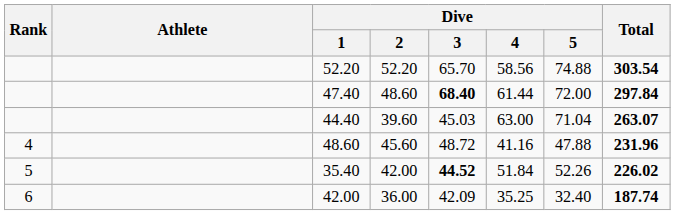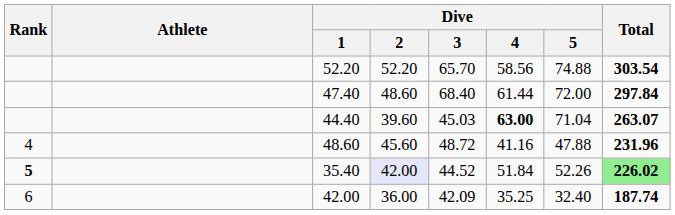 <table class="wikitable" style="text-align:center">
 <tr>
 <th rowspan="2" width="40">Rank</th>
 <th rowspan="2" width="250">Athlete</th>
 <th colspan="5">Dive</th>
 <th rowspan="2" width="60">Total</th>
 </tr>
 <tr>
 <th width="50">1</th>
 <th width="50">2</th>
 <th width="50">3</th>
 <th width="50">4</th>
 <th width="50">5</th>
 </tr>
 <tr>
 <td></td>
 <td align="left"><br></td>
 <td>52.20</td>
 <td>52.20</td>
 <td>65.70</td>
 <td>58.56</td>
 <td>74.88</td>
 <td><strong>303.54</strong></td>
 </tr>
 <tr>
 <td></td>
 <td align="left"><br></td>
 <td>47.40</td>
 <td>48.60</td>
-<td><strong>68.40</strong></td>
+<td>68.40</td>
 <td>61.44</td>
 <td>72.00</td>
 <td><strong>297.84</strong></td>
 </tr>
 <tr>
 <td></td>
 <td align="left"><br></td>
 <td>44.40</td>
 <td>39.60</td>
 <td>45.03</td>
-<td>63.00</td>
+<td><strong>63.00</strong></td>
 <td>71.04</td>
 <td><strong>263.07</strong></td>
 </tr>
 <tr>
 <td>4</td>
 <td align="left"><br></td>
 <td>48.60</td>
 <td>45.60</td>
 <td>48.72</td>
 <td>41.16</td>
 <td>47.88</td>
 <td><strong>231.96</strong></td>
 </tr>
 <tr>
-<td>5</td>
+<td><strong>5</strong></td>
 <td align="left"><br></td>
 <td>35.40</td>
-<td>42.00</td>
-<td><strong>44.52</strong></td>
+<td style="background: lavender;">42.00</td>
+<td>44.52</td>
 <td>51.84</td>
 <td>52.26</td>
-<td><strong>226.02</strong></td>
+<td style="background: lightgreen;"><strong>226.02</strong></td>
 </tr>
 <tr>
 <td>6</td>
 <td align="left"><br></td>
 <td>42.00</td>
 <td>36.00</td>
 <td>42.09</td>
 <td>35.25</td>
 <td>32.40</td>
 <td><strong>187.74</strong></td>
 </tr>
 </table>
